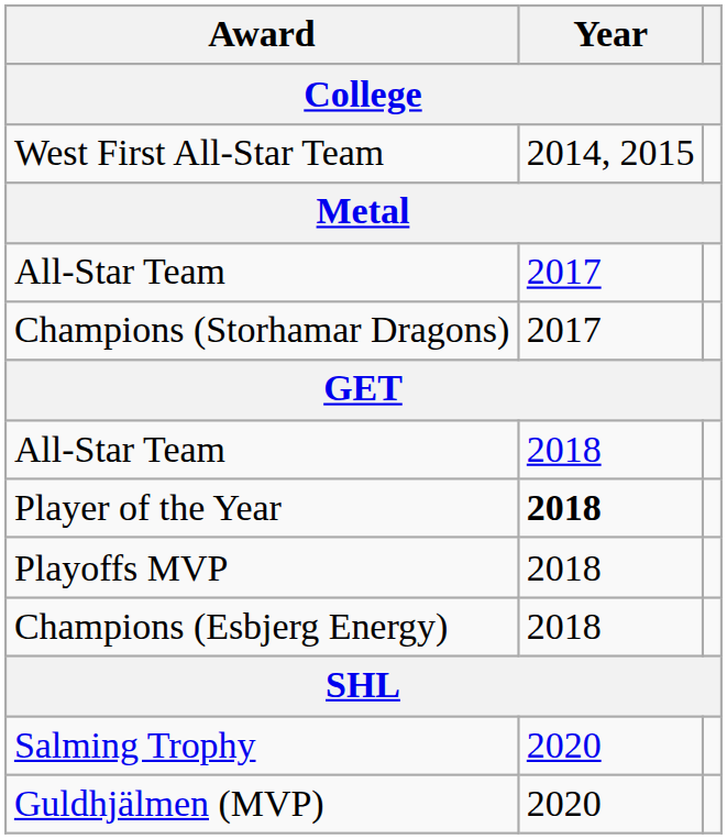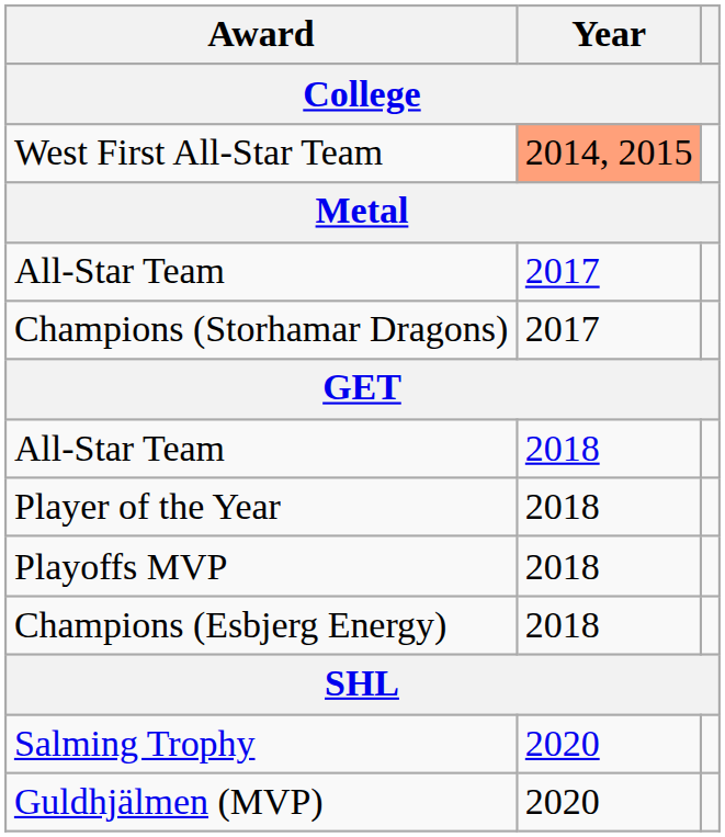 <table class="wikitable">
 <tr>
 <th>Award</th>
 <th>Year</th>
 <th></th>
 </tr>
 <tr ALIGN="center" bgcolor="#e0e0e0">
 <th colspan="3"><a href='#'>College</a></th>
 </tr>
 <tr>
 <td>West First All-Star Team</td>
-<td>2014, 2015</td>
+<td style="background: lightsalmon;">2014, 2015</td>
 <td></td>
 </tr>
 <tr ALIGN="center" bgcolor="#e0e0e0">
 <th colspan="3"><a href='#'>Metal</a></th>
 </tr>
 <tr>
 <td>All-Star Team</td>
 <td><a href='#'>2017</a></td>
 <td></td>
 </tr>
 <tr>
 <td>Champions (Storhamar Dragons)</td>
 <td>2017</td>
 <td></td>
 </tr>
 <tr ALIGN="center" bgcolor="#e0e0e0">
 <th colspan="3"><a href='#'>GET</a></th>
 </tr>
 <tr>
 <td>All-Star Team</td>
 <td><a href='#'>2018</a></td>
 <td></td>
 </tr>
 <tr>
 <td>Player of the Year</td>
-<td><strong>2018</strong></td>
+<td>2018</td>
 <td></td>
 </tr>
 <tr>
 <td>Playoffs MVP</td>
 <td>2018</td>
 <td></td>
 </tr>
 <tr>
 <td>Champions (Esbjerg Energy)</td>
 <td>2018</td>
 <td></td>
 </tr>
 <tr ALIGN="center" bgcolor="#e0e0e0">
 <th colspan="3"><a href='#'>SHL</a></th>
 </tr>
 <tr>
 <td><a href='#'>Salming Trophy</a></td>
 <td><a href='#'>2020</a></td>
 <td></td>
 </tr>
 <tr>
 <td><a href='#'>Guldhjälmen</a> (MVP)</td>
 <td>2020</td>
 <td></td>
 </tr>
 </table>
